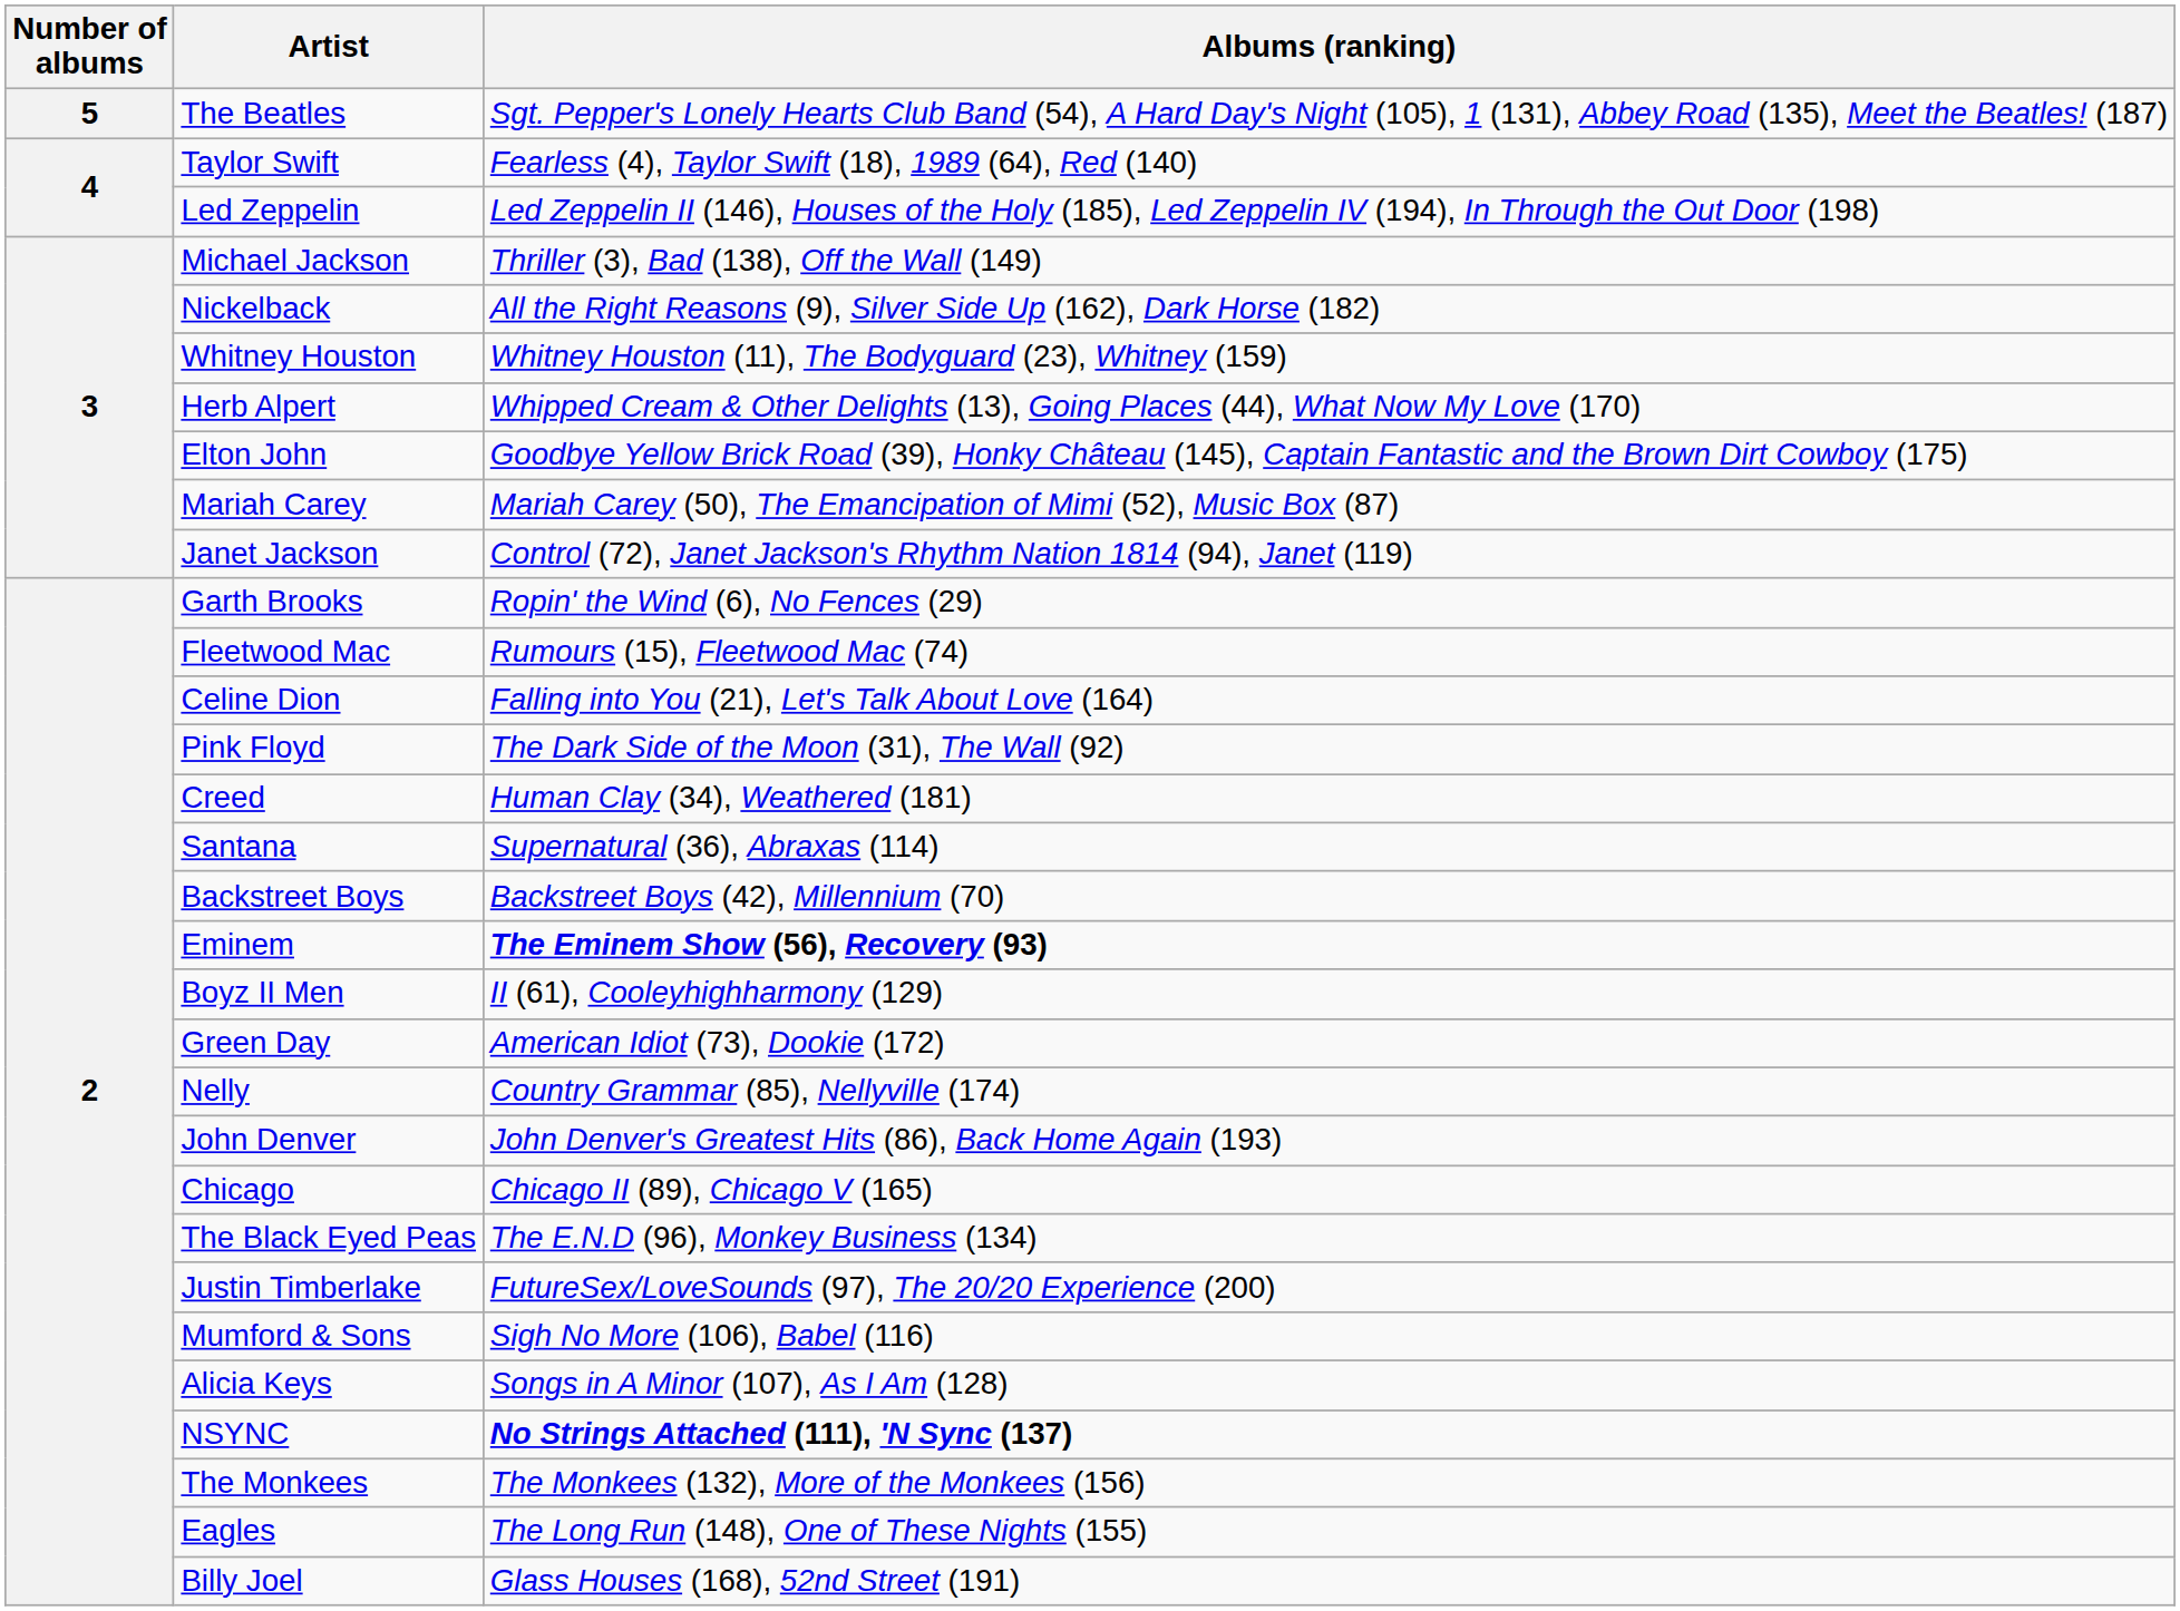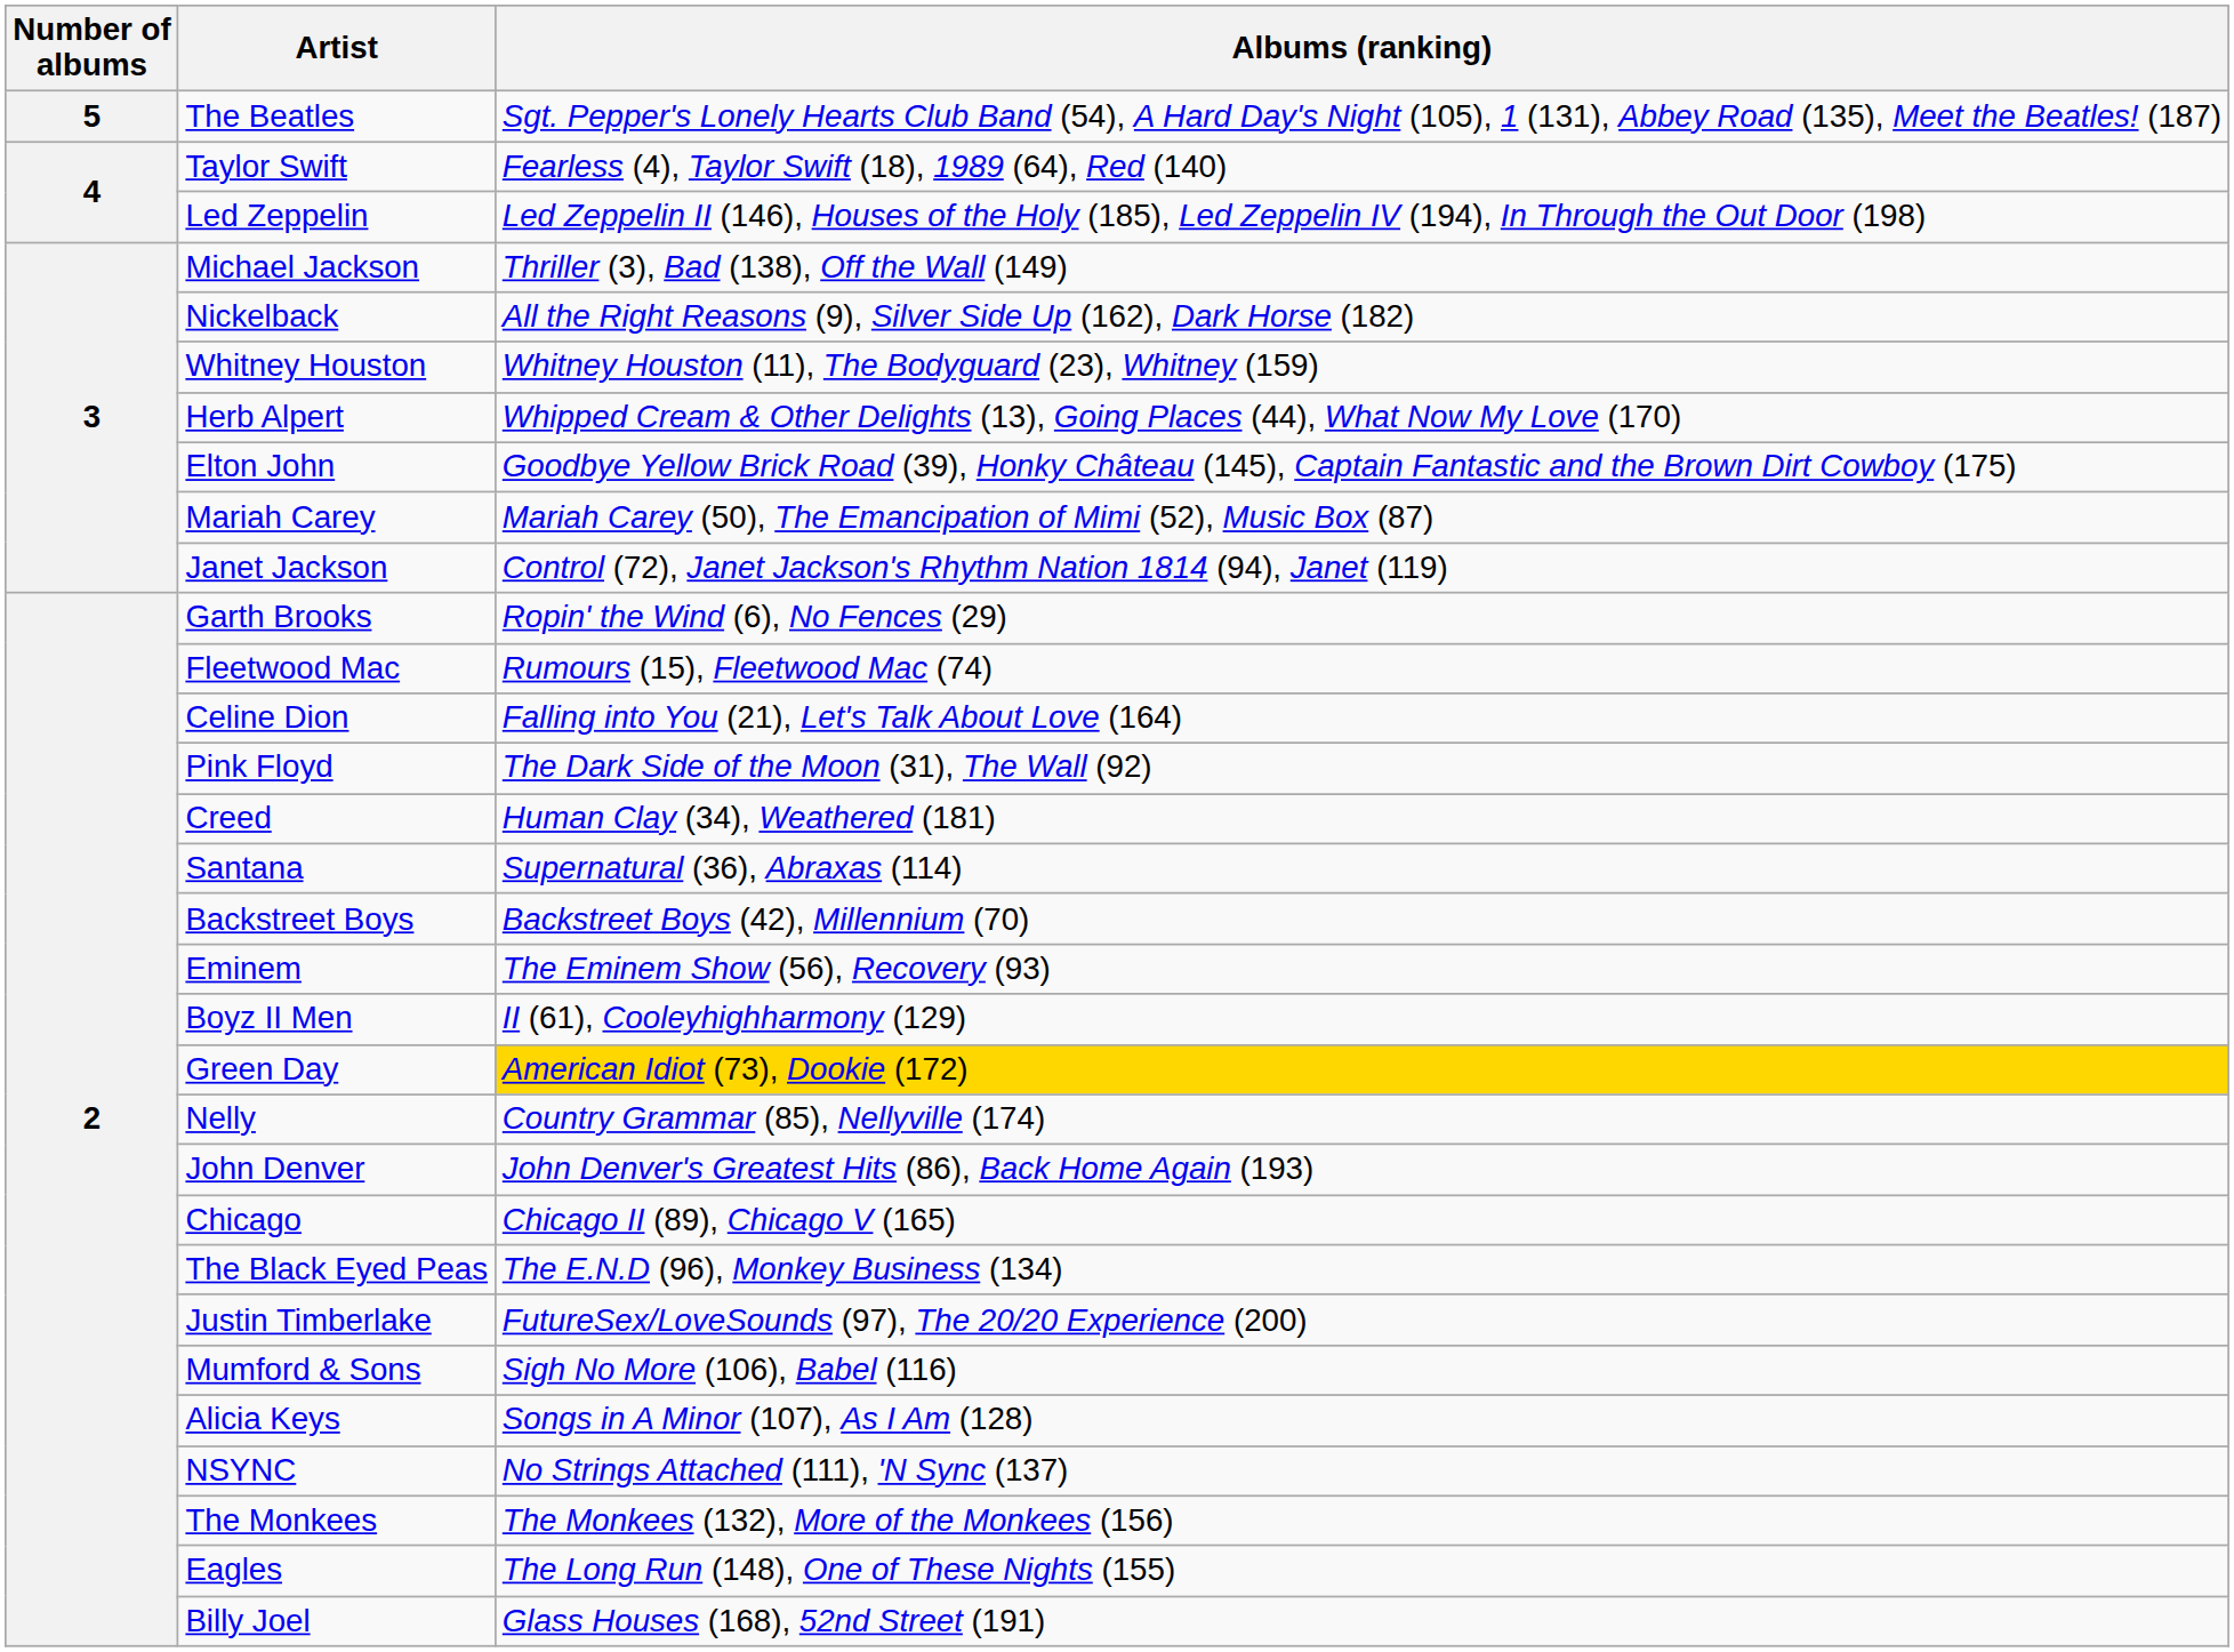 <table class="wikitable">
 <tr>
 <th scope="col">Number of<br>albums</th>
 <th scope="col">Artist</th>
 <th scope="col">Albums (ranking)</th>
 </tr>
 <tr>
 <th scope="row">5</th>
 <td><a href='#'>The Beatles</a></td>
 <td><em><a href='#'>Sgt. Pepper's Lonely Hearts Club Band</a></em> (54), <em><a href='#'>A Hard Day's Night</a></em> (105), <em><a href='#'>1</a></em> (131), <em><a href='#'>Abbey Road</a></em> (135), <em><a href='#'>Meet the Beatles!</a></em> (187)</td>
 </tr>
 <tr>
 <th scope="row" rowspan="2">4</th>
 <td><a href='#'>Taylor Swift</a></td>
 <td><em><a href='#'>Fearless</a></em> (4), <em><a href='#'>Taylor Swift</a></em> (18), <em><a href='#'>1989</a></em> (64), <em><a href='#'>Red</a></em> (140)</td>
 </tr>
 <tr>
 <td><a href='#'>Led Zeppelin</a></td>
 <td><em><a href='#'>Led Zeppelin II</a></em> (146), <em><a href='#'>Houses of the Holy</a></em> (185), <em><a href='#'>Led Zeppelin IV</a></em> (194), <em><a href='#'>In Through the Out Door</a></em> (198)</td>
 </tr>
 <tr>
 <th scope="row" rowspan="7">3</th>
 <td><a href='#'>Michael Jackson</a></td>
 <td><em><a href='#'>Thriller</a></em> (3), <em><a href='#'>Bad</a></em> (138), <em><a href='#'>Off the Wall</a></em> (149)</td>
 </tr>
 <tr>
 <td><a href='#'>Nickelback</a></td>
 <td><em><a href='#'>All the Right Reasons</a></em> (9), <em><a href='#'>Silver Side Up</a></em> (162), <em><a href='#'>Dark Horse</a></em> (182)</td>
 </tr>
 <tr>
 <td><a href='#'>Whitney Houston</a></td>
 <td><em><a href='#'>Whitney Houston</a></em> (11), <em><a href='#'>The Bodyguard</a></em> (23), <em><a href='#'>Whitney</a></em> (159)</td>
 </tr>
 <tr>
 <td><a href='#'>Herb Alpert</a></td>
 <td><em><a href='#'>Whipped Cream & Other Delights</a></em> (13), <em><a href='#'>Going Places</a></em> (44), <em><a href='#'>What Now My Love</a></em> (170)</td>
 </tr>
 <tr>
 <td><a href='#'>Elton John</a></td>
 <td><em><a href='#'>Goodbye Yellow Brick Road</a></em> (39), <em><a href='#'>Honky Château</a></em> (145), <em><a href='#'>Captain Fantastic and the Brown Dirt Cowboy</a></em> (175)</td>
 </tr>
 <tr>
 <td><a href='#'>Mariah Carey</a></td>
 <td><em><a href='#'>Mariah Carey</a></em> (50), <em><a href='#'>The Emancipation of Mimi</a></em> (52), <em><a href='#'>Music Box</a></em> (87)</td>
 </tr>
 <tr>
 <td><a href='#'>Janet Jackson</a></td>
 <td><em><a href='#'>Control</a></em> (72), <em><a href='#'>Janet Jackson's Rhythm Nation 1814</a></em> (94), <em><a href='#'>Janet</a></em> (119)</td>
 </tr>
 <tr>
 <th scope="row" rowspan="21">2</th>
 <td><a href='#'>Garth Brooks</a></td>
 <td><em><a href='#'>Ropin' the Wind</a></em> (6), <em><a href='#'>No Fences</a></em> (29)</td>
 </tr>
 <tr>
 <td><a href='#'>Fleetwood Mac</a></td>
 <td><em><a href='#'>Rumours</a></em> (15), <em><a href='#'>Fleetwood Mac</a></em> (74)</td>
 </tr>
 <tr>
 <td><a href='#'>Celine Dion</a></td>
 <td><em><a href='#'>Falling into You</a></em> (21), <em><a href='#'>Let's Talk About Love</a></em> (164)</td>
 </tr>
 <tr>
 <td><a href='#'>Pink Floyd</a></td>
 <td><em><a href='#'>The Dark Side of the Moon</a></em> (31), <em><a href='#'>The Wall</a></em> (92)</td>
 </tr>
 <tr>
 <td><a href='#'>Creed</a></td>
 <td><em><a href='#'>Human Clay</a></em> (34), <em><a href='#'>Weathered</a></em> (181)</td>
 </tr>
 <tr>
 <td><a href='#'>Santana</a></td>
 <td><em><a href='#'>Supernatural</a></em> (36), <em><a href='#'>Abraxas</a></em> (114)</td>
 </tr>
 <tr>
 <td><a href='#'>Backstreet Boys</a></td>
 <td><em><a href='#'>Backstreet Boys</a></em> (42), <em><a href='#'>Millennium</a></em> (70)</td>
 </tr>
 <tr>
 <td><a href='#'>Eminem</a></td>
-<td><strong><em><a href='#'>The Eminem Show</a></em> (56), <em><a href='#'>Recovery</a></em> (93)</strong></td>
+<td><em><a href='#'>The Eminem Show</a></em> (56), <em><a href='#'>Recovery</a></em> (93)</td>
 </tr>
 <tr>
 <td><a href='#'>Boyz II Men</a></td>
 <td><em><a href='#'>II</a></em> (61), <em><a href='#'>Cooleyhighharmony</a></em> (129)</td>
 </tr>
 <tr>
 <td><a href='#'>Green Day</a></td>
-<td><em><a href='#'>American Idiot</a></em> (73), <em><a href='#'>Dookie</a></em> (172)</td>
+<td style="background: gold;"><em><a href='#'>American Idiot</a></em> (73), <em><a href='#'>Dookie</a></em> (172)</td>
 </tr>
 <tr>
 <td><a href='#'>Nelly</a></td>
 <td><em><a href='#'>Country Grammar</a></em> (85), <em><a href='#'>Nellyville</a></em> (174)</td>
 </tr>
 <tr>
 <td><a href='#'>John Denver</a></td>
 <td><em><a href='#'>John Denver's Greatest Hits</a></em> (86), <em><a href='#'>Back Home Again</a></em> (193)</td>
 </tr>
 <tr>
 <td><a href='#'>Chicago</a></td>
 <td><em><a href='#'>Chicago II</a></em> (89), <em><a href='#'>Chicago V</a></em> (165)</td>
 </tr>
 <tr>
 <td><a href='#'>The Black Eyed Peas</a></td>
 <td><em><a href='#'>The E.N.D</a></em> (96), <em><a href='#'>Monkey Business</a></em> (134)</td>
 </tr>
 <tr>
 <td><a href='#'>Justin Timberlake</a></td>
 <td><em><a href='#'>FutureSex/LoveSounds</a></em> (97), <em><a href='#'>The 20/20 Experience</a></em> (200)</td>
 </tr>
 <tr>
 <td><a href='#'>Mumford & Sons</a></td>
 <td><em><a href='#'>Sigh No More</a></em> (106), <em><a href='#'>Babel</a></em> (116)</td>
 </tr>
 <tr>
 <td><a href='#'>Alicia Keys</a></td>
 <td><em><a href='#'>Songs in A Minor</a></em> (107), <em><a href='#'>As I Am</a></em> (128)</td>
 </tr>
 <tr>
 <td><a href='#'>NSYNC</a></td>
-<td><strong><em><a href='#'>No Strings Attached</a></em> (111), <em><a href='#'>'N Sync</a></em> (137)</strong></td>
+<td><em><a href='#'>No Strings Attached</a></em> (111), <em><a href='#'>'N Sync</a></em> (137)</td>
 </tr>
 <tr>
 <td><a href='#'>The Monkees</a></td>
 <td><em><a href='#'>The Monkees</a></em> (132), <em><a href='#'>More of the Monkees</a></em> (156)</td>
 </tr>
 <tr>
 <td><a href='#'>Eagles</a></td>
 <td><em><a href='#'>The Long Run</a></em> (148), <em><a href='#'>One of These Nights</a></em> (155)</td>
 </tr>
 <tr>
 <td><a href='#'>Billy Joel</a></td>
 <td><em><a href='#'>Glass Houses</a></em> (168), <em><a href='#'>52nd Street</a></em> (191)</td>
 </tr>
 </table>
